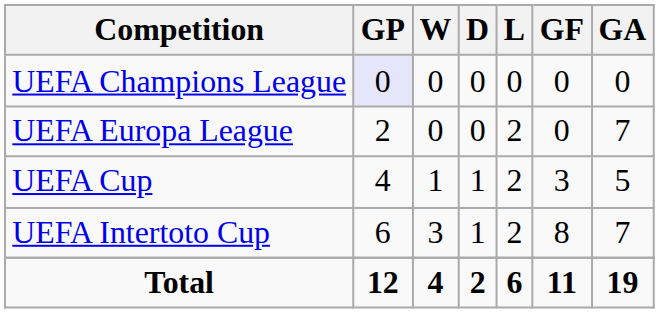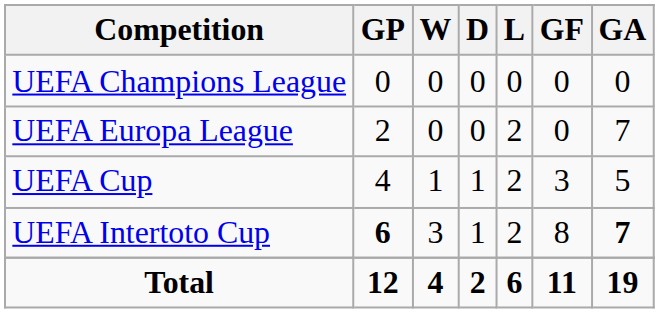 <table class="wikitable sortable" style="text-align: center;">
 <tr>
 <th>Competition</th>
 <th>GP</th>
 <th>W</th>
 <th>D</th>
 <th>L</th>
 <th>GF</th>
 <th>GA</th>
 </tr>
 <tr>
 <td align=left><a href='#'>UEFA Champions League</a></td>
-<td style="background: lavender;">0</td>
+<td>0</td>
 <td>0</td>
 <td>0</td>
 <td>0</td>
 <td>0</td>
 <td>0</td>
 </tr>
 <tr>
 <td align=left><a href='#'>UEFA Europa League</a></td>
 <td>2</td>
 <td>0</td>
 <td>0</td>
 <td>2</td>
 <td>0</td>
 <td>7</td>
 </tr>
 <tr>
 <td align=left><a href='#'>UEFA Cup</a></td>
 <td>4</td>
 <td>1</td>
 <td>1</td>
 <td>2</td>
 <td>3</td>
 <td>5</td>
 </tr>
 <tr>
 <td align=left><a href='#'>UEFA Intertoto Cup</a></td>
-<td>6</td>
+<td><strong>6</strong></td>
 <td>3</td>
 <td>1</td>
 <td>2</td>
 <td>8</td>
-<td>7</td>
+<td><strong>7</strong></td>
 </tr>
 <tr>
 </tr>
 <tr class="unsortable">
 <td><strong>Total</strong></td>
 <td><strong>12</strong></td>
 <td><strong>4</strong></td>
 <td><strong>2</strong></td>
 <td><strong>6</strong></td>
 <td><strong>11</strong></td>
 <td><strong>19</strong></td>
 </tr>
 </table>
